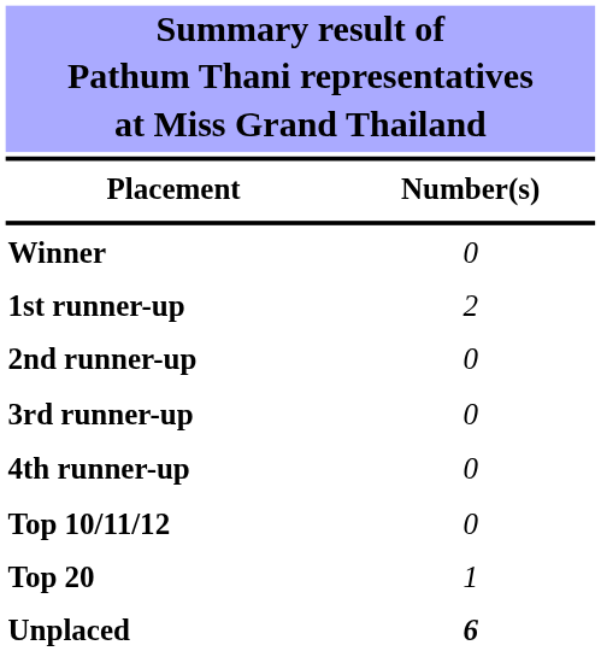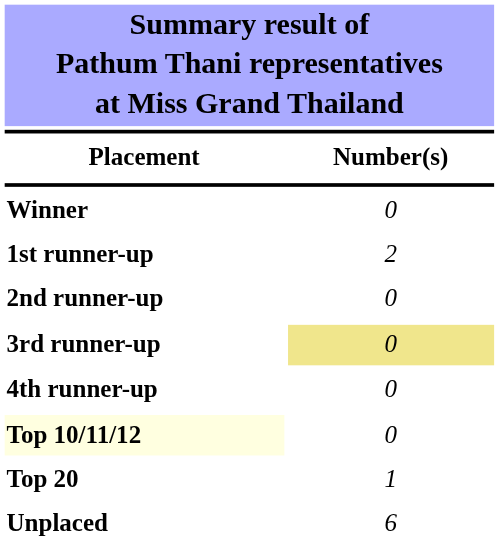 <table style="width: 270px; font-size:85%; line-height:1.5em;">
 <tr>
 <th colspan="2" align="center" style="background:#AAF;"><big>Summary result of<br>Pathum Thani representatives<br>at Miss Grand Thailand</big></th>
 </tr>
 <tr>
 <td colspan="2" style="background:black"></td>
 </tr>
 <tr>
 <th scope="col">Placement</th>
 <th scope="col">Number(s)</th>
 </tr>
 <tr>
 <td colspan="2" style="background:black"></td>
 </tr>
 <tr>
 <td align="left"><strong>Winner</strong></td>
 <td align="center"><em>0</em></td>
 </tr>
 <tr>
 <td align="left"><strong>1st runner-up</strong></td>
 <td align="center"><em>2</em></td>
 </tr>
 <tr>
 <td align="left"><strong>2nd runner-up</strong></td>
 <td align="center"><em>0</em></td>
 </tr>
 <tr>
 <td align="left"><strong>3rd runner-up</strong></td>
-<td align="center"><em>0</em></td>
+<td align="center" style="background: khaki;"><em>0</em></td>
 </tr>
 <tr>
 <td align="left"><strong>4th runner-up</strong></td>
 <td align="center"><em>0</em></td>
 </tr>
 <tr>
-<td align="left"><strong>Top 10/11/12</strong></td>
+<td align="left" style="background: lightyellow;"><strong>Top 10/11/12</strong></td>
 <td align="center"><em>0</em></td>
 </tr>
 <tr>
 <td align="left"><strong>Top 20</strong></td>
 <td align="center"><em>1</em></td>
 </tr>
 <tr>
 <td align="left"><strong>Unplaced</strong></td>
-<td align="center"><strong><em>6</em></strong></td>
+<td align="center"><em>6</em></td>
 </tr>
 </table>
